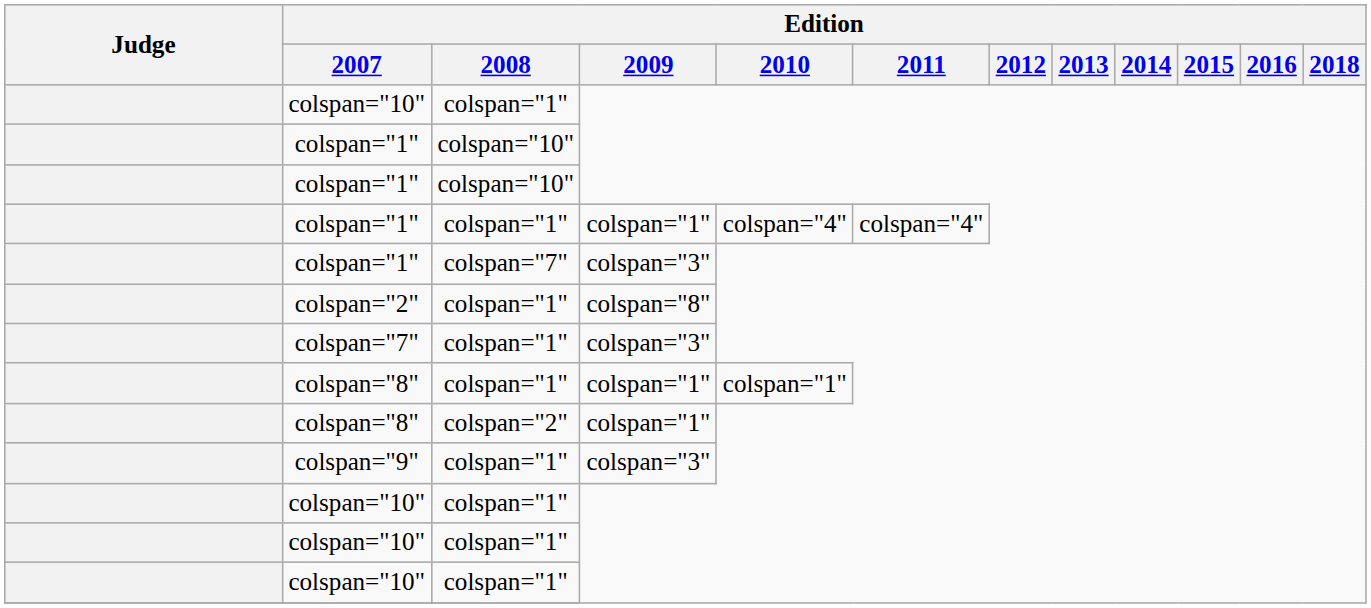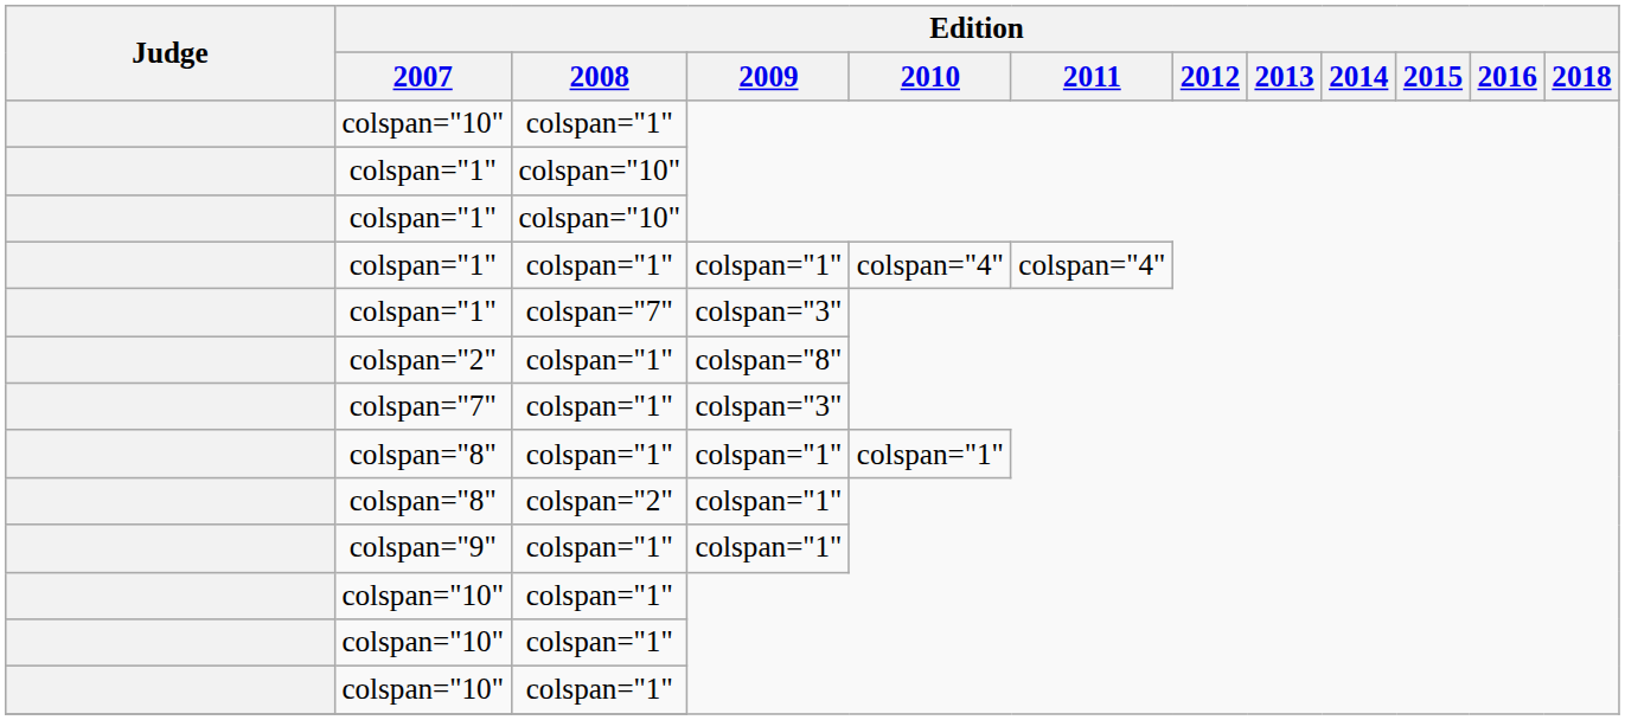 <table class="wikitable plainrowheaders" style="text-align:center;">
 <tr>
 <th rowspan=2 style="width:20%;" scope="col">Judge</th>
 <th colspan="11">Edition</th>
 </tr>
 <tr>
 <th style="width:3.5%;" scope="col"><a href='#'>2007</a></th>
 <th style="width:3.5%;" scope="col"><a href='#'>2008</a></th>
 <th style="width:3.5%;" scope="col"><a href='#'>2009</a></th>
 <th style="width:3.5%;" scope="col"><a href='#'>2010</a></th>
 <th style="width:3.5%;" scope="col"><a href='#'>2011</a></th>
 <th style="width:3.5%;" scope="col"><a href='#'>2012</a></th>
 <th style="width:3.5%;" scope="col"><a href='#'>2013</a></th>
 <th style="width:3.5%;" scope="col"><a href='#'>2014</a></th>
 <th style="width:3.5%;" scope="col"><a href='#'>2015</a></th>
 <th style="width:3.5%;" scope="col"><a href='#'>2016</a></th>
 <th style="width:3.5%;" scope="col"><a href='#'>2018</a></th>
 </tr>
 <tr>
 <th scope="row"></th>
 <td>colspan="10" </td>
 <td>colspan="1" </td>
 </tr>
 <tr>
 <th scope="row"></th>
 <td>colspan="1" </td>
 <td>colspan="10" </td>
 </tr>
 <tr>
 <th scope="row"></th>
 <td>colspan="1" </td>
 <td>colspan="10" </td>
 </tr>
 <tr>
 <th scope="row"></th>
 <td>colspan="1" </td>
 <td>colspan="1" </td>
 <td>colspan="1" </td>
 <td>colspan="4" </td>
 <td>colspan="4" </td>
 </tr>
 <tr>
 <th scope="row"></th>
 <td>colspan="1" </td>
 <td>colspan="7" </td>
 <td>colspan="3" </td>
 </tr>
 <tr>
 <th scope="row"></th>
 <td>colspan="2" </td>
 <td>colspan="1" </td>
 <td>colspan="8" </td>
 </tr>
 <tr>
 <th scope="row"></th>
 <td>colspan="7" </td>
 <td>colspan="1" </td>
 <td>colspan="3" </td>
 </tr>
 <tr>
 <th scope="row"></th>
 <td>colspan="8" </td>
 <td>colspan="1" </td>
 <td>colspan="1" </td>
 <td>colspan="1" </td>
 </tr>
 <tr>
 <th scope="row"></th>
 <td>colspan="8" </td>
 <td>colspan="2" </td>
 <td>colspan="1" </td>
 </tr>
 <tr>
 <th scope="row"></th>
 <td>colspan="9" </td>
 <td>colspan="1" </td>
-<td>colspan="3" </td>
+<td>colspan="1" </td>
 </tr>
 <tr>
 <th scope="row"></th>
 <td>colspan="10" </td>
 <td>colspan="1" </td>
 </tr>
 <tr>
 <th scope="row"></th>
 <td>colspan="10" </td>
 <td>colspan="1" </td>
 </tr>
 <tr>
 <th scope="row"></th>
 <td>colspan="10" </td>
 <td>colspan="1" </td>
 </tr>
 <tr>
 </tr>
 </table>
